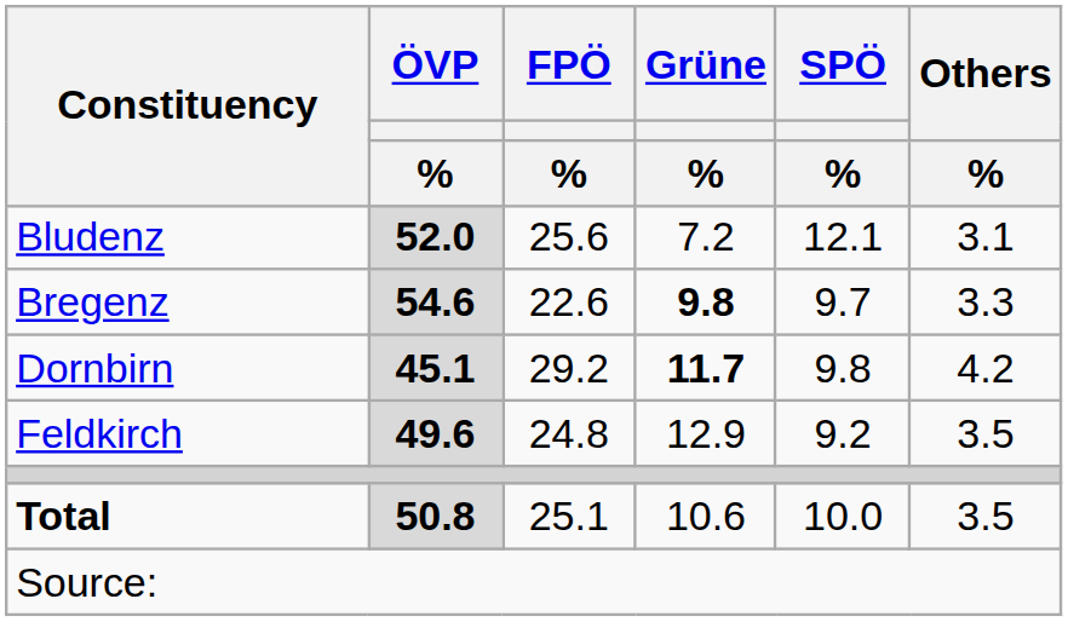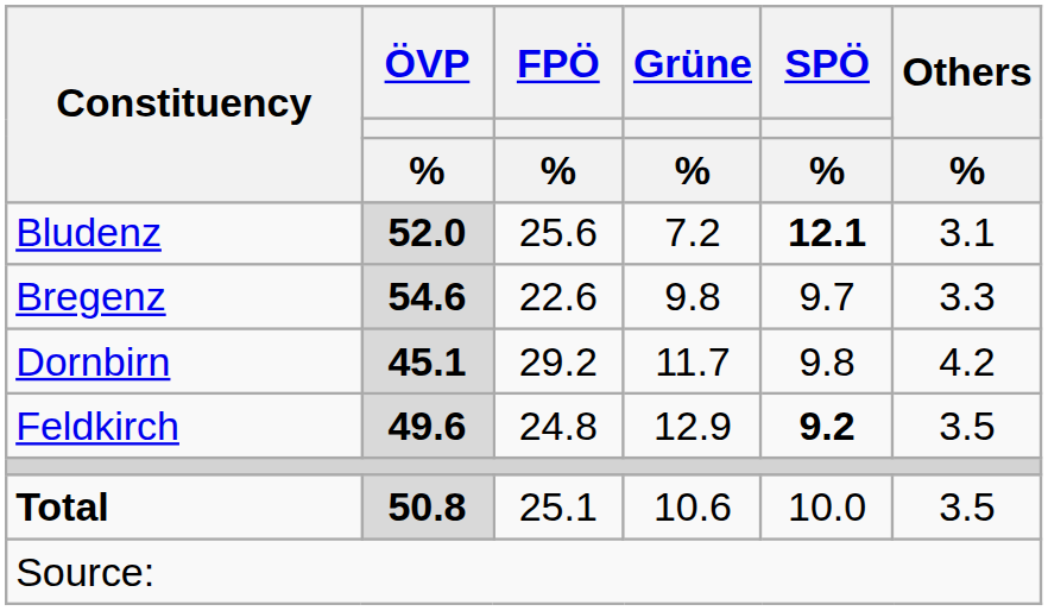 <table class="wikitable" style="text-align:center;font-size:90%;line-height:16px">
 <tr style="height:40px;">
 <th style="width:120px;" rowspan="3">Constituency</th>
 <th style="width:40px;" colspan="1"><a href='#'>ÖVP</a></th>
 <th style="width:40px;" colspan="1"><a href='#'>FPÖ</a></th>
 <th style="width:40px;" colspan="1"><a href='#'>Grüne</a></th>
 <th style="width:40px;" colspan="1"><a href='#'>SPÖ</a></th>
 <th class="unsortable" style="width:40px;" rowspan="2">Others</th>
 </tr>
 <tr>
 <th colspan="1" style="background:"></th>
 <th colspan="1" style="background:"></th>
 <th colspan="1" style="background:"></th>
 <th colspan="1" style="background:"></th>
 </tr>
 <tr>
 <th class=unsortable>%</th>
 <th class=unsortable>%</th>
 <th class=unsortable>%</th>
 <th class=unsortable>%</th>
 <th class=unsortable>%</th>
 </tr>
 <tr>
 <td align=left><a href='#'>Bludenz</a></td>
 <td bgcolor=#D9D9D9><strong>52.0</strong></td>
 <td>25.6</td>
 <td>7.2</td>
-<td>12.1</td>
+<td><strong>12.1</strong></td>
 <td>3.1</td>
 </tr>
 <tr>
 <td align=left><a href='#'>Bregenz</a></td>
 <td bgcolor=#D9D9D9><strong>54.6</strong></td>
 <td>22.6</td>
-<td><strong>9.8</strong></td>
+<td>9.8</td>
 <td>9.7</td>
 <td>3.3</td>
 </tr>
 <tr>
 <td align=left><a href='#'>Dornbirn</a></td>
 <td bgcolor=#D9D9D9><strong>45.1</strong></td>
 <td>29.2</td>
-<td><strong>11.7</strong></td>
+<td>11.7</td>
 <td>9.8</td>
 <td>4.2</td>
 </tr>
 <tr>
 <td align=left><a href='#'>Feldkirch</a></td>
 <td bgcolor=#D9D9D9><strong>49.6</strong></td>
 <td>24.8</td>
 <td>12.9</td>
-<td>9.2</td>
+<td><strong>9.2</strong></td>
 <td>3.5</td>
 </tr>
 <tr>
 <td colspan=6 bgcolor=lightgrey></td>
 </tr>
 <tr>
 <td align=left><strong>Total</strong></td>
 <td bgcolor=#D9D9D9><strong>50.8</strong></td>
 <td>25.1</td>
 <td>10.6</td>
 <td>10.0</td>
 <td>3.5</td>
 </tr>
 <tr class=sortbottom>
 <td colspan=6 align=left>Source: </td>
 </tr>
 </table>
